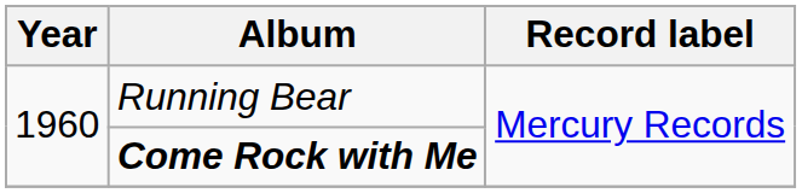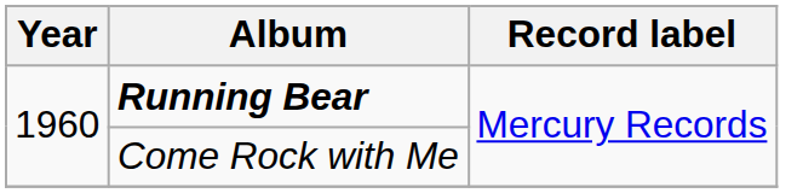 <table class="wikitable" style=text-align:center;>
 <tr>
 <th>Year</th>
 <th>Album</th>
 <th>Record label</th>
 </tr>
 <tr>
 <td rowspan="2">1960</td>
-<td align=left><em>Running Bear</em></td>
+<td align=left><strong><em>Running Bear</em></strong></td>
 <td rowspan="2"><a href='#'>Mercury Records</a></td>
 </tr>
 <tr>
-<td align=left><strong><em>Come Rock with Me</em></strong></td>
+<td align=left><em>Come Rock with Me</em></td>
 </tr>
 <tr>
 </tr>
 </table>
